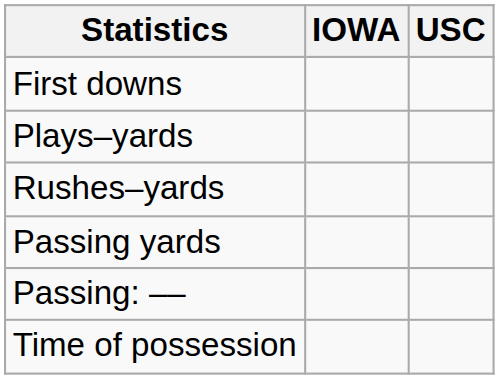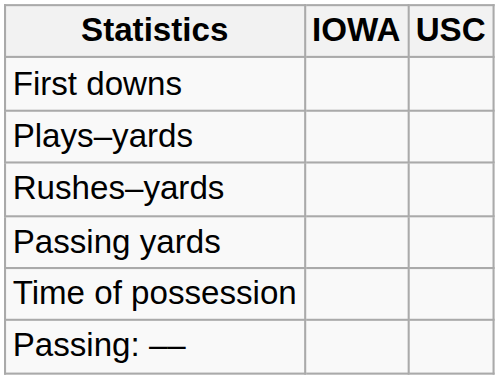 <table class="wikitable" style="float:left">
 <tr>
 <th>Statistics</th>
 <th>IOWA</th>
 <th>USC</th>
 </tr>
 <tr>
 <td>First downs</td>
 <td></td>
 <td></td>
 </tr>
 <tr>
 <td>Plays–yards</td>
 <td></td>
 <td></td>
 </tr>
 <tr>
 <td>Rushes–yards</td>
 <td></td>
 <td></td>
 </tr>
 <tr>
 <td>Passing yards</td>
 <td></td>
 <td></td>
 </tr>
 <tr>
+<td>Time of possession</td>
+<td></td>
+<td></td>
+</tr>
+<tr>
 <td>Passing: ––</td>
 <td></td>
 <td></td>
 </tr>
-<tr>
-<td>Time of possession</td>
-<td></td>
-<td></td>
-</tr>
 </table>
